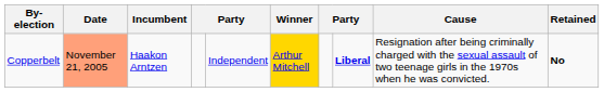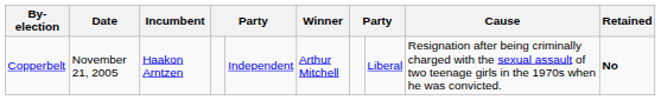 <table class=wikitable style="width:100%">
 <tr>
 <th>By-election</th>
 <th>Date</th>
 <th>Incumbent</th>
 <th colspan=2>Party</th>
 <th>Winner</th>
 <th colspan=2>Party</th>
 <th>Cause</th>
 <th>Retained</th>
 </tr>
 <tr>
 <td><a href='#'>Copperbelt</a></td>
-<td style="background: lightsalmon;">November 21, 2005</td>
+<td>November 21, 2005</td>
 <td><a href='#'>Haakon Arntzen</a></td>
 <td>   </td>
 <td><a href='#'>Independent</a></td>
-<td style="background: gold;"><a href='#'>Arthur Mitchell</a></td>
+<td><a href='#'>Arthur Mitchell</a></td>
 <td>   </td>
-<td><strong><a href='#'>Liberal</a></strong></td>
+<td><a href='#'>Liberal</a></td>
 <td>Resignation after being criminally charged with the <a href='#'>sexual assault</a> of two teenage girls in the 1970s when he was convicted.</td>
 <td><strong>No</strong></td>
 </tr>
 </table>
